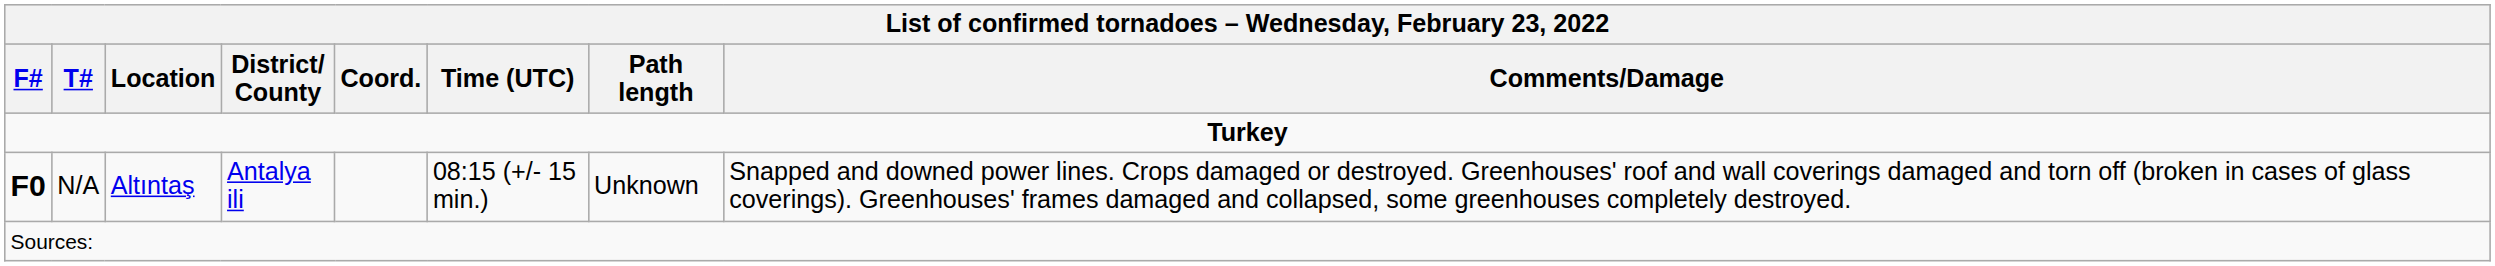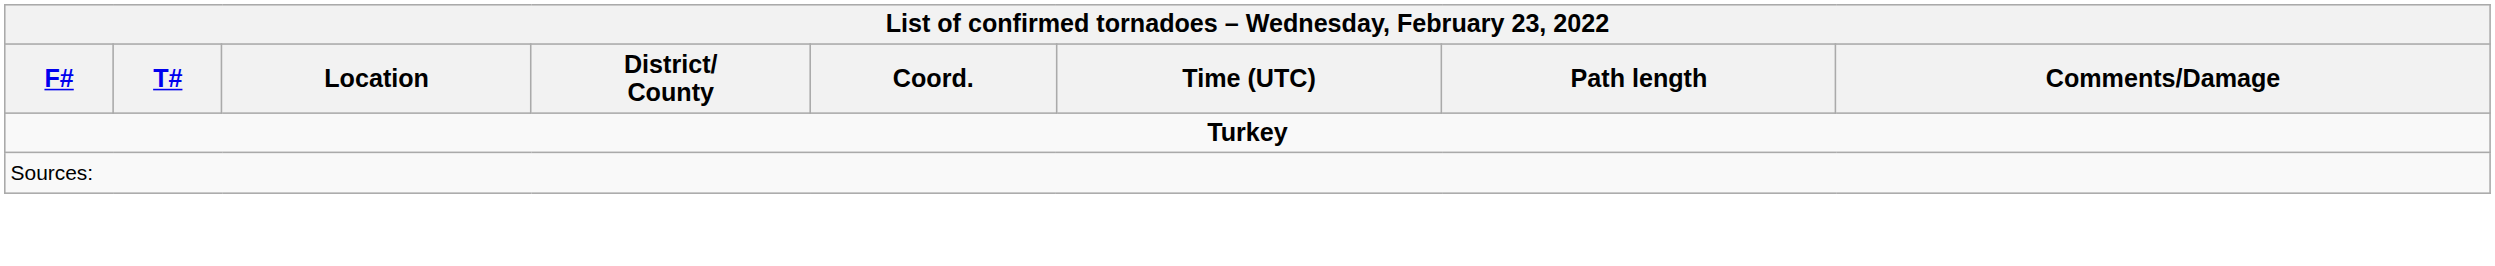 <table class="wikitable collapsible" width="100%">
 <tr>
 <th colspan="8">List of confirmed tornadoes – Wednesday, February 23, 2022</th>
 </tr>
 <tr>
 <th><a href='#'>F#</a></th>
 <th><a href='#'>T#</a></th>
 <th>Location</th>
 <th>District/<br>County</th>
 <th>Coord.</th>
 <th>Time (UTC)</th>
 <th>Path length</th>
 <th>Comments/Damage</th>
 </tr>
 <tr>
 <td colspan="8" align=center><strong>Turkey</strong></td>
 </tr>
 <tr>
-<td><big><strong>F0</strong></big></td>
-<td>N/A</td>
-<td><a href='#'>Altıntaş</a></td>
-<td><a href='#'>Antalya ili</a></td>
-<td></td>
-<td>08:15 (+/- 15 min.)</td>
-<td>Unknown</td>
-<td>Snapped and downed power lines. Crops damaged or destroyed. Greenhouses' roof and wall coverings damaged and torn off (broken in cases of glass coverings). Greenhouses' frames damaged and collapsed, some greenhouses completely destroyed.</td>
-</tr>
-<tr>
 <td colspan="8"><small>Sources:  </small></td>
 </tr>
 </table>
